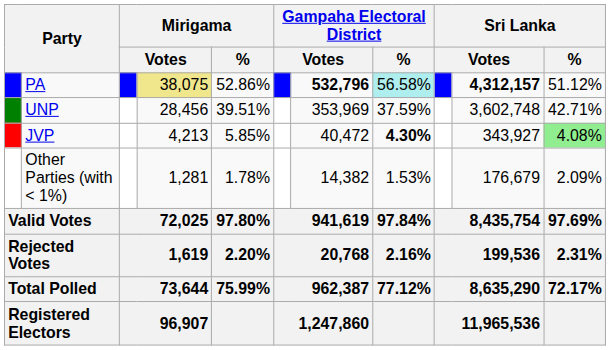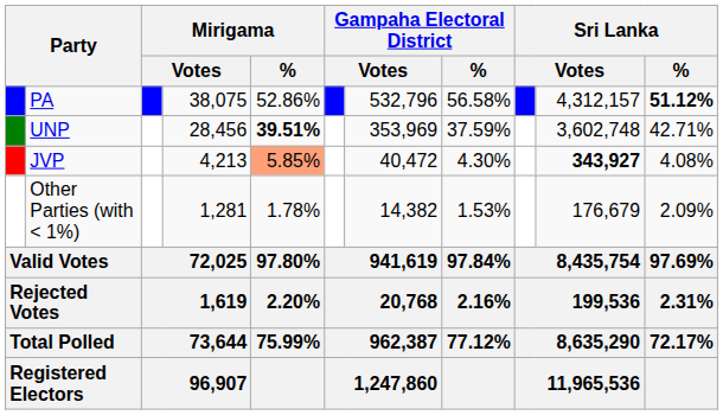 <table class="wikitable">
 <tr>
 <th colspan="2" width="144px"rowspan="2">Party</th>
 <th colspan="3" width="216px">Mirigama</th>
 <th colspan="3" width="216px"><a href='#'>Gampaha Electoral District</a></th>
 <th colspan="3" width="216px">Sri Lanka</th>
 </tr>
 <tr>
 <th colspan="2" width="144px">Votes</th>
 <th>%</th>
 <th colspan="2" width="144px">Votes</th>
 <th>%</th>
 <th colspan="2" width="144px">Votes</th>
 <th>%</th>
 </tr>
 <tr>
 <td style="background-color:blue;" width="10px"></td>
 <td style="text-align:left;"><a href='#'>PA</a></td>
 <td style="background-color:blue;" width="10px"></td>
-<td style="background: khaki; text-align:right;">38,075</td>
+<td style="text-align:right;">38,075</td>
 <td style="text-align:right;">52.86%</td>
 <td style="background-color:blue;" width="10px"></td>
-<td style="text-align:right;"><strong>532,796</strong></td>
-<td style="background: paleturquoise; text-align:right;">56.58%</td>
+<td style="text-align:right;">532,796</td>
+<td style="text-align:right;">56.58%</td>
 <td style="background-color:blue;" width="10px"></td>
-<td style="text-align:right;"><strong>4,312,157</strong></td>
-<td style="text-align:right;">51.12%</td>
+<td style="text-align:right;">4,312,157</td>
+<td style="text-align:right;"><strong>51.12%</strong></td>
 </tr>
 <tr>
 <td style="background-color:green;" width="10px"></td>
 <td style="text-align:left;"><a href='#'>UNP</a></td>
 <td style="background-color:white;" width="10px"></td>
 <td style="text-align:right;">28,456</td>
-<td style="text-align:right;">39.51%</td>
+<td style="text-align:right;"><strong>39.51%</strong></td>
 <td style="background-color:white;" width="10px"></td>
 <td style="text-align:right;">353,969</td>
 <td style="text-align:right;">37.59%</td>
 <td style="background-color:white;" width="10px"></td>
 <td style="text-align:right;">3,602,748</td>
 <td style="text-align:right;">42.71%</td>
 </tr>
 <tr>
 <td style="background-color:red;" width="10px"></td>
 <td style="text-align:left;"><a href='#'>JVP</a></td>
 <td style="background-color:white;" width="10px"></td>
 <td style="text-align:right;">4,213</td>
-<td style="text-align:right;">5.85%</td>
+<td style="background: lightsalmon; text-align:right;">5.85%</td>
 <td style="background-color:white;" width="10px"></td>
 <td style="text-align:right;">40,472</td>
-<td style="text-align:right;"><strong>4.30%</strong></td>
+<td style="text-align:right;">4.30%</td>
 <td style="background-color:white;" width="10px"></td>
-<td style="text-align:right;">343,927</td>
-<td style="background: lightgreen; text-align:right;">4.08%</td>
+<td style="text-align:right;"><strong>343,927</strong></td>
+<td style="text-align:right;">4.08%</td>
 </tr>
 <tr>
 <td style="background-color:white;" width="10px"></td>
 <td style="text-align:left;">Other Parties (with < 1%)</td>
 <td style="background-color:white;" width="10px"></td>
 <td style="text-align:right;">1,281</td>
 <td style="text-align:right;">1.78%</td>
 <td style="background-color:white;" width="10px"></td>
 <td style="text-align:right;">14,382</td>
 <td style="text-align:right;">1.53%</td>
 <td style="background-color:white;" width="10px"></td>
 <td style="text-align:right;">176,679</td>
 <td style="text-align:right;">2.09%</td>
 </tr>
 <tr>
 <th colspan="2" width="144px"style="text-align:left;">Valid Votes</th>
 <th style="text-align:right;"colspan="2" width="144px">72,025</th>
 <th style="text-align:right;">97.80%</th>
 <th style="text-align:right;"colspan="2" width="144px">941,619</th>
 <th style="text-align:right;">97.84%</th>
 <th style="text-align:right;"colspan="2" width="144px">8,435,754</th>
 <th style="text-align:right;">97.69%</th>
 </tr>
 <tr>
 <th colspan="2" width="144px"style="text-align:left;">Rejected Votes</th>
 <th style="text-align:right;"colspan="2" width="144px">1,619</th>
 <th style="text-align:right;">2.20%</th>
 <th style="text-align:right;"colspan="2" width="144px">20,768</th>
 <th style="text-align:right;">2.16%</th>
 <th style="text-align:right;"colspan="2" width="144px">199,536</th>
 <th style="text-align:right;">2.31%</th>
 </tr>
 <tr>
 <th colspan="2" width="144px"style="text-align:left;">Total Polled</th>
 <th style="text-align:right;"colspan="2" width="144px">73,644</th>
 <th style="text-align:right;">75.99%</th>
 <th style="text-align:right;"colspan="2" width="144px">962,387</th>
 <th style="text-align:right;">77.12%</th>
 <th style="text-align:right;"colspan="2" width="144px">8,635,290</th>
 <th style="text-align:right;">72.17%</th>
 </tr>
 <tr>
 <th colspan="2" width="144px"style="text-align:left;">Registered Electors</th>
 <th style="text-align:right;"colspan="2" width="144px">96,907</th>
 <th></th>
 <th style="text-align:right;"colspan="2" width="144px">1,247,860</th>
 <th></th>
 <th style="text-align:right;"colspan="2" width="144px">11,965,536</th>
 <th></th>
 </tr>
 </table>
